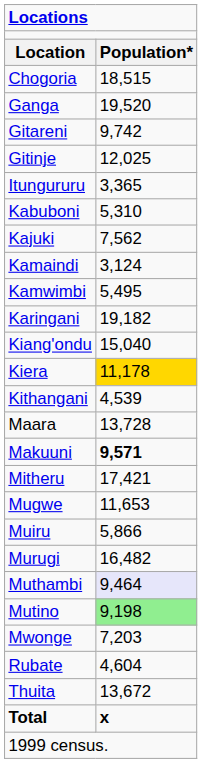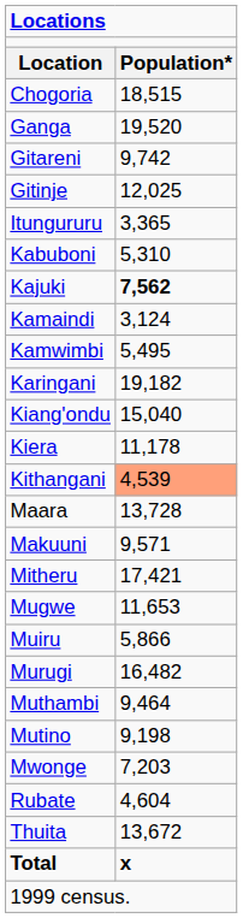 <table class="wikitable">
 <tr>
 <td colspan="2"><strong><a href='#'>Locations</a></strong></td>
 </tr>
 <tr>
 <td colspan="2"></td>
 </tr>
 <tr>
 <th>Location</th>
 <th>Population*</th>
 </tr>
 <tr>
 <td><a href='#'>Chogoria</a></td>
 <td>18,515</td>
 </tr>
 <tr>
 <td><a href='#'>Ganga</a></td>
 <td>19,520</td>
 </tr>
 <tr>
 <td><a href='#'>Gitareni</a></td>
 <td>9,742</td>
 </tr>
 <tr>
 <td><a href='#'>Gitinje</a></td>
 <td>12,025</td>
 </tr>
 <tr>
 <td><a href='#'>Itungururu</a></td>
 <td>3,365</td>
 </tr>
 <tr>
 <td><a href='#'>Kabuboni</a></td>
 <td>5,310</td>
 </tr>
 <tr>
 <td><a href='#'>Kajuki</a></td>
-<td>7,562</td>
+<td><strong>7,562</strong></td>
 </tr>
 <tr>
 <td><a href='#'>Kamaindi</a></td>
 <td>3,124</td>
 </tr>
 <tr>
 <td><a href='#'>Kamwimbi</a></td>
 <td>5,495</td>
 </tr>
 <tr>
 <td><a href='#'>Karingani</a></td>
 <td>19,182</td>
 </tr>
 <tr>
 <td><a href='#'>Kiang'ondu</a></td>
 <td>15,040</td>
 </tr>
 <tr>
 <td><a href='#'>Kiera</a></td>
-<td style="background: gold;">11,178</td>
+<td>11,178</td>
 </tr>
 <tr>
 <td><a href='#'>Kithangani</a></td>
-<td>4,539</td>
+<td style="background: lightsalmon;">4,539</td>
 </tr>
 <tr>
 <td>Maara</td>
 <td>13,728</td>
 </tr>
 <tr>
 <td><a href='#'>Makuuni</a></td>
-<td><strong>9,571</strong></td>
+<td>9,571</td>
 </tr>
 <tr>
 <td><a href='#'>Mitheru</a></td>
 <td>17,421</td>
 </tr>
 <tr>
 <td><a href='#'>Mugwe</a></td>
 <td>11,653</td>
 </tr>
 <tr>
 <td><a href='#'>Muiru</a></td>
 <td>5,866</td>
 </tr>
 <tr>
 <td><a href='#'>Murugi</a></td>
 <td>16,482</td>
 </tr>
 <tr>
 <td><a href='#'>Muthambi</a></td>
-<td style="background: lavender;">9,464</td>
+<td>9,464</td>
 </tr>
 <tr>
 <td><a href='#'>Mutino</a></td>
-<td style="background: lightgreen;">9,198</td>
+<td>9,198</td>
 </tr>
 <tr>
 <td><a href='#'>Mwonge</a></td>
 <td>7,203</td>
 </tr>
 <tr>
 <td><a href='#'>Rubate</a></td>
 <td>4,604</td>
 </tr>
 <tr>
 <td><a href='#'>Thuita</a></td>
 <td>13,672</td>
 </tr>
 <tr>
 <td><strong>Total</strong></td>
 <td><strong>x</strong></td>
 </tr>
 <tr>
 <td colspan="2">1999 census.</td>
 </tr>
 </table>
